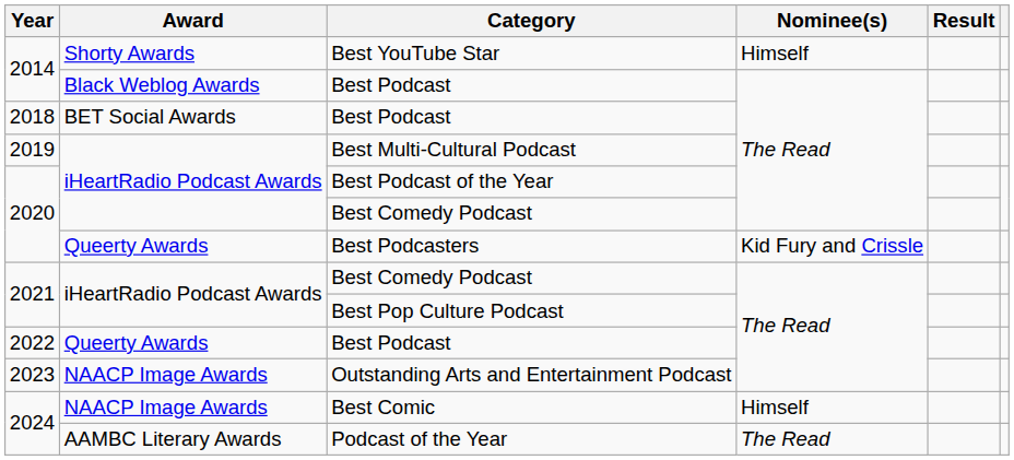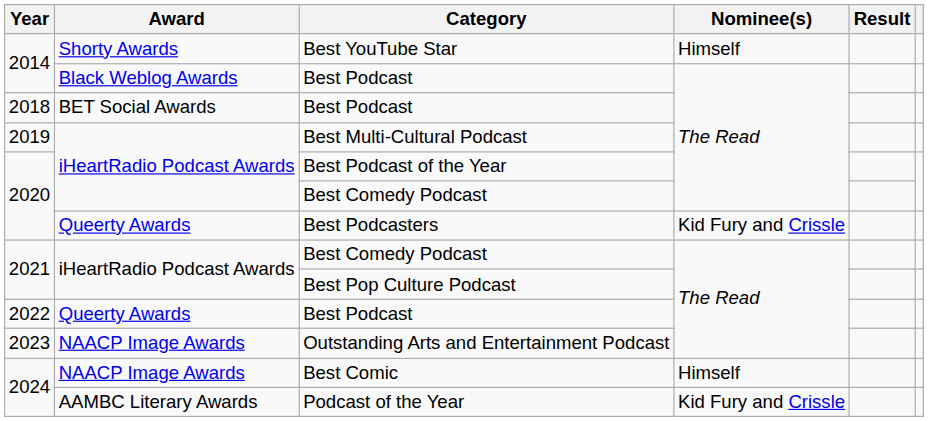 <table class="wikitable sortable plainrowheaders">
 <tr>
 <th scope="col">Year</th>
 <th scope="col">Award</th>
 <th scope="col">Category</th>
 <th scope="col">Nominee(s)</th>
 <th scope="col">Result</th>
 <th scope="col" class="unsortable"></th>
 </tr>
 <tr>
 <td rowspan="2">2014</td>
 <td><a href='#'>Shorty Awards</a></td>
 <td>Best YouTube Star</td>
 <td>Himself</td>
 <td></td>
 </tr>
 <tr>
 <td><a href='#'>Black Weblog Awards</a></td>
 <td>Best Podcast</td>
 <td rowspan="5"><em>The Read</em></td>
 <td></td>
 <td></td>
 </tr>
 <tr>
 <td>2018</td>
 <td>BET Social Awards</td>
 <td>Best Podcast</td>
 <td></td>
 <td></td>
 </tr>
 <tr>
 <td>2019</td>
 <td rowspan="3"><a href='#'>iHeartRadio Podcast Awards</a></td>
 <td>Best Multi-Cultural Podcast</td>
 <td></td>
 <td></td>
 </tr>
 <tr>
 <td rowspan="3">2020</td>
 <td>Best Podcast of the Year</td>
 <td></td>
 <td rowspan="2"></td>
 </tr>
 <tr>
 <td>Best Comedy Podcast</td>
 <td></td>
 </tr>
 <tr>
 <td><a href='#'>Queerty Awards</a></td>
 <td>Best Podcasters</td>
 <td>Kid Fury and <a href='#'>Crissle</a></td>
 <td></td>
 <td></td>
 </tr>
 <tr>
 <td rowspan="2">2021</td>
 <td rowspan="2">iHeartRadio Podcast Awards</td>
 <td>Best Comedy Podcast</td>
 <td rowspan="4"><em>The Read</em></td>
 <td></td>
 <td></td>
 </tr>
 <tr>
 <td>Best Pop Culture Podcast</td>
 <td></td>
 <td></td>
 </tr>
 <tr>
 <td>2022</td>
 <td><a href='#'>Queerty Awards</a></td>
 <td>Best Podcast</td>
 <td></td>
 <td></td>
 </tr>
 <tr>
 <td>2023</td>
 <td><a href='#'>NAACP Image Awards</a></td>
 <td>Outstanding Arts and Entertainment Podcast</td>
 <td></td>
 <td></td>
 </tr>
 <tr>
 <td rowspan="2+">2024</td>
 <td><a href='#'>NAACP Image Awards</a></td>
 <td>Best Comic</td>
 <td>Himself</td>
 <td></td>
 <td></td>
 </tr>
 <tr>
 <td>AAMBC Literary Awards</td>
 <td>Podcast of the Year</td>
-<td><em>The Read</em></td>
+<td>Kid Fury and <a href='#'>Crissle</a></td>
 <td></td>
 <td></td>
 </tr>
 </table>
